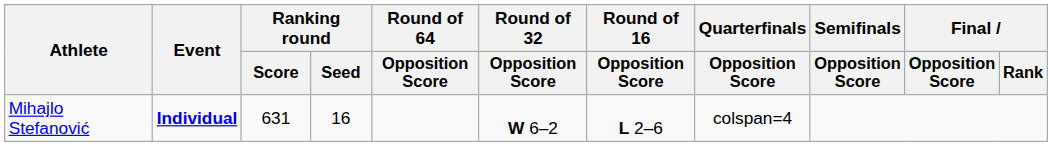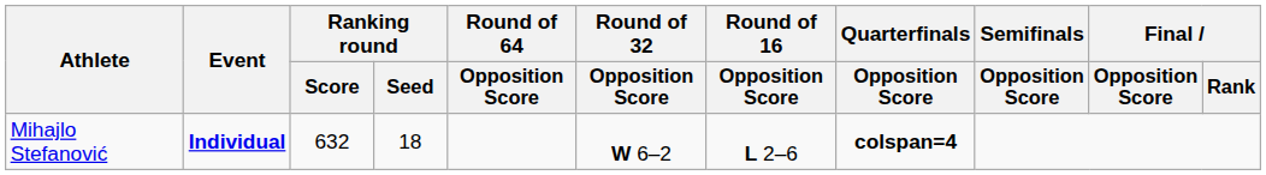 <table class="wikitable" style="font-size:90%">
 <tr>
 <th rowspan=2>Athlete</th>
 <th rowspan=2>Event</th>
 <th colspan=2>Ranking round</th>
 <th>Round of 64</th>
 <th>Round of 32</th>
 <th>Round of 16</th>
 <th>Quarterfinals</th>
 <th>Semifinals</th>
 <th colspan=2>Final / </th>
 </tr>
 <tr style="font-size:95%">
 <th>Score</th>
 <th>Seed</th>
 <th>Opposition<br>Score</th>
 <th>Opposition<br>Score</th>
 <th>Opposition<br>Score</th>
 <th>Opposition<br>Score</th>
 <th>Opposition<br>Score</th>
 <th>Opposition<br>Score</th>
 <th>Rank</th>
 </tr>
 <tr align=center>
 <td align=left><a href='#'>Mihajlo Stefanović</a></td>
 <td align=left><strong><a href='#'>Individual</a></strong></td>
-<td>631</td>
-<td>16</td>
+<td>632</td>
+<td>18</td>
 <td></td>
 <td><br><strong>W</strong> 6–2</td>
 <td><br><strong>L</strong> 2–6</td>
-<td>colspan=4 </td>
+<td><strong>colspan=4 </strong></td>
 </tr>
 </table>
